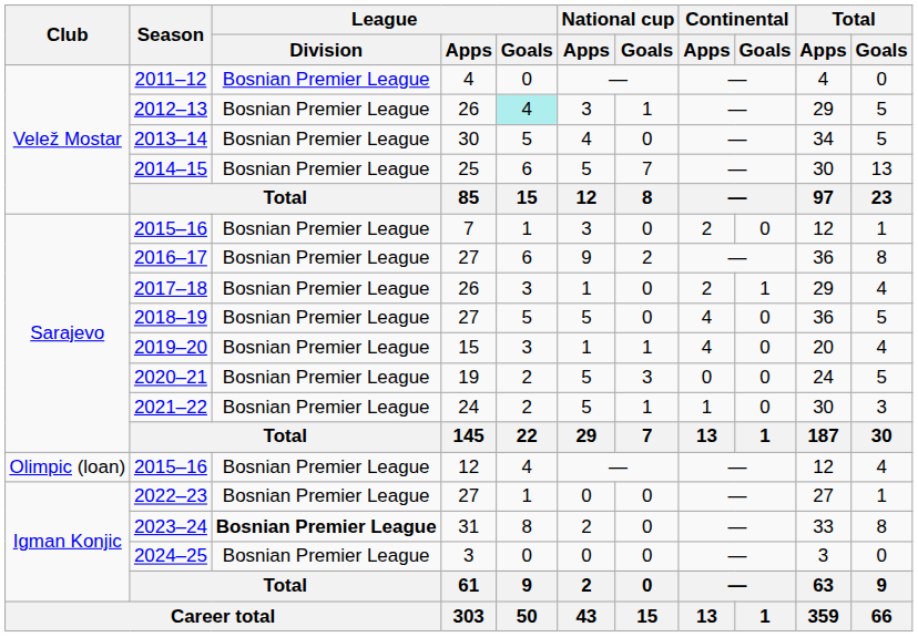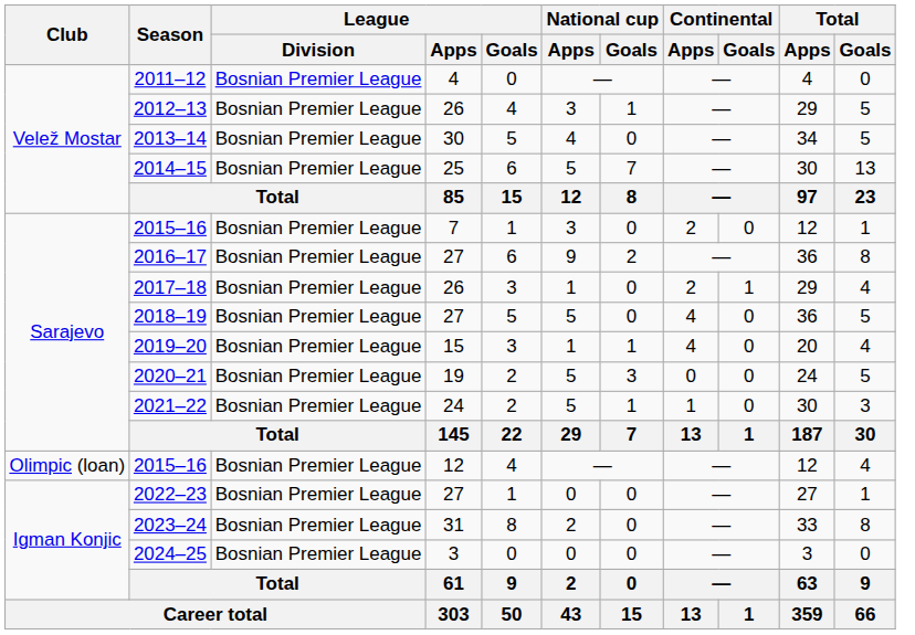 <table class=wikitable style="text-align: center">
 <tr>
 <th rowspan=2>Club</th>
 <th rowspan=2>Season</th>
 <th colspan=3>League</th>
 <th colspan=2>National cup</th>
 <th colspan=2>Continental</th>
 <th colspan=2>Total</th>
 </tr>
 <tr>
 <th>Division</th>
 <th>Apps</th>
 <th>Goals</th>
 <th>Apps</th>
 <th>Goals</th>
 <th>Apps</th>
 <th>Goals</th>
 <th>Apps</th>
 <th>Goals</th>
 </tr>
 <tr>
 <td rowspan=5><a href='#'>Velež Mostar</a></td>
 <td><a href='#'>2011–12</a></td>
 <td><a href='#'>Bosnian Premier League</a></td>
 <td>4</td>
 <td>0</td>
 <td colspan=2>—</td>
 <td colspan=2>—</td>
 <td>4</td>
 <td>0</td>
 </tr>
 <tr>
 <td><a href='#'>2012–13</a></td>
 <td>Bosnian Premier League</td>
 <td>26</td>
-<td style="background: paleturquoise;">4</td>
+<td>4</td>
 <td>3</td>
 <td>1</td>
 <td colspan=2>—</td>
 <td>29</td>
 <td>5</td>
 </tr>
 <tr>
 <td><a href='#'>2013–14</a></td>
 <td>Bosnian Premier League</td>
 <td>30</td>
 <td>5</td>
 <td>4</td>
 <td>0</td>
 <td colspan=2>—</td>
 <td>34</td>
 <td>5</td>
 </tr>
 <tr>
 <td><a href='#'>2014–15</a></td>
 <td>Bosnian Premier League</td>
 <td>25</td>
 <td>6</td>
 <td>5</td>
 <td>7</td>
 <td colspan=2>—</td>
 <td>30</td>
 <td>13</td>
 </tr>
 <tr>
 <th colspan=2>Total</th>
 <th>85</th>
 <th>15</th>
 <th>12</th>
 <th>8</th>
 <th colspan=2>—</th>
 <th>97</th>
 <th>23</th>
 </tr>
 <tr>
 <td rowspan=8><a href='#'>Sarajevo</a></td>
 <td><a href='#'>2015–16</a></td>
 <td>Bosnian Premier League</td>
 <td>7</td>
 <td>1</td>
 <td>3</td>
 <td>0</td>
 <td>2</td>
 <td>0</td>
 <td>12</td>
 <td>1</td>
 </tr>
 <tr>
 <td><a href='#'>2016–17</a></td>
 <td>Bosnian Premier League</td>
 <td>27</td>
 <td>6</td>
 <td>9</td>
 <td>2</td>
 <td colspan=2>—</td>
 <td>36</td>
 <td>8</td>
 </tr>
 <tr>
 <td><a href='#'>2017–18</a></td>
 <td>Bosnian Premier League</td>
 <td>26</td>
 <td>3</td>
 <td>1</td>
 <td>0</td>
 <td>2</td>
 <td>1</td>
 <td>29</td>
 <td>4</td>
 </tr>
 <tr>
 <td><a href='#'>2018–19</a></td>
 <td>Bosnian Premier League</td>
 <td>27</td>
 <td>5</td>
 <td>5</td>
 <td>0</td>
 <td>4</td>
 <td>0</td>
 <td>36</td>
 <td>5</td>
 </tr>
 <tr>
 <td><a href='#'>2019–20</a></td>
 <td>Bosnian Premier League</td>
 <td>15</td>
 <td>3</td>
 <td>1</td>
 <td>1</td>
 <td>4</td>
 <td>0</td>
 <td>20</td>
 <td>4</td>
 </tr>
 <tr>
 <td><a href='#'>2020–21</a></td>
 <td>Bosnian Premier League</td>
 <td>19</td>
 <td>2</td>
 <td>5</td>
 <td>3</td>
 <td>0</td>
 <td>0</td>
 <td>24</td>
 <td>5</td>
 </tr>
 <tr>
 <td><a href='#'>2021–22</a></td>
 <td>Bosnian Premier League</td>
 <td>24</td>
 <td>2</td>
 <td>5</td>
 <td>1</td>
 <td>1</td>
 <td>0</td>
 <td>30</td>
 <td>3</td>
 </tr>
 <tr>
 <th colspan=2>Total</th>
 <th>145</th>
 <th>22</th>
 <th>29</th>
 <th>7</th>
 <th>13</th>
 <th>1</th>
 <th>187</th>
 <th>30</th>
 </tr>
 <tr>
 <td><a href='#'>Olimpic</a> (loan)</td>
 <td><a href='#'>2015–16</a></td>
 <td>Bosnian Premier League</td>
 <td>12</td>
 <td>4</td>
 <td colspan=2>—</td>
 <td colspan=2>—</td>
 <td>12</td>
 <td>4</td>
 </tr>
 <tr>
 <td rowspan=4><a href='#'>Igman Konjic</a></td>
 <td><a href='#'>2022–23</a></td>
 <td>Bosnian Premier League</td>
 <td>27</td>
 <td>1</td>
 <td>0</td>
 <td>0</td>
 <td colspan=2>—</td>
 <td>27</td>
 <td>1</td>
 </tr>
 <tr>
 <td><a href='#'>2023–24</a></td>
-<td><strong>Bosnian Premier League</strong></td>
+<td>Bosnian Premier League</td>
 <td>31</td>
 <td>8</td>
 <td>2</td>
 <td>0</td>
 <td colspan=2>—</td>
 <td>33</td>
 <td>8</td>
 </tr>
 <tr>
 <td><a href='#'>2024–25</a></td>
 <td>Bosnian Premier League</td>
 <td>3</td>
 <td>0</td>
 <td>0</td>
 <td>0</td>
 <td colspan=2>—</td>
 <td>3</td>
 <td>0</td>
 </tr>
 <tr>
 <th colspan=2>Total</th>
 <th>61</th>
 <th>9</th>
 <th>2</th>
 <th>0</th>
 <th colspan=2>—</th>
 <th>63</th>
 <th>9</th>
 </tr>
 <tr>
 <th colspan=3>Career total</th>
 <th>303</th>
 <th>50</th>
 <th>43</th>
 <th>15</th>
 <th>13</th>
 <th>1</th>
 <th>359</th>
 <th>66</th>
 </tr>
 </table>
